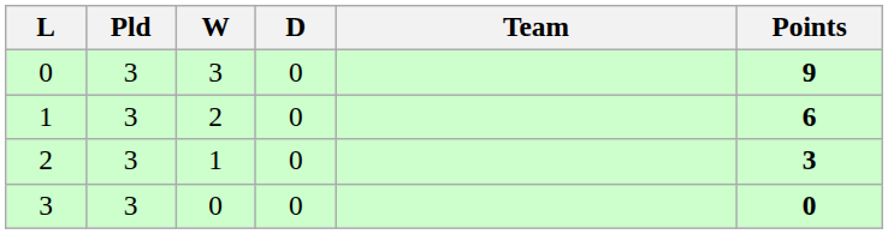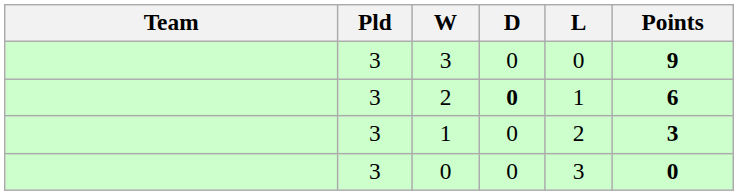 <table class=wikitable style="text-align:center" width=500>
 <tr>
-<th width=5%>L</th>
+<th width=25%>Team</th>
 <th width=5%>Pld</th>
 <th width=5%>W</th>
 <th width=5%>D</th>
-<th width=25%>Team</th>
+<th width=5%>L</th>
 <th width=8%>Points</th>
 </tr>
 <tr bgcolor=#ccffcc>
-<td>0</td>
-<td>3</td>
-<td>3</td>
-<td>0</td>
 <td align="left"></td>
-<td><strong>9</strong></td>
-</tr>
-<tr bgcolor=#ccffcc>
-<td>1</td>
-<td>3</td>
-<td>2</td>
-<td>0</td>
-<td align="left"></td>
-<td><strong>6</strong></td>
-</tr>
-<tr bgcolor=#ccffcc>
-<td>2</td>
-<td>3</td>
-<td>1</td>
-<td>0</td>
-<td align="left"></td>
-<td><strong>3</strong></td>
-</tr>
-<tr bgcolor=#ccffcc>
 <td>3</td>
 <td>3</td>
 <td>0</td>
 <td>0</td>
+<td><strong>9</strong></td>
+</tr>
+<tr bgcolor=#ccffcc>
 <td align="left"></td>
+<td>3</td>
+<td>2</td>
+<td><strong>0</strong></td>
+<td>1</td>
+<td><strong>6</strong></td>
+</tr>
+<tr bgcolor=#ccffcc>
+<td align="left"></td>
+<td>3</td>
+<td>1</td>
+<td>0</td>
+<td>2</td>
+<td><strong>3</strong></td>
+</tr>
+<tr bgcolor=#ccffcc>
+<td align="left"></td>
+<td>3</td>
+<td>0</td>
+<td>0</td>
+<td>3</td>
 <td><strong>0</strong></td>
 </tr>
 </table>
